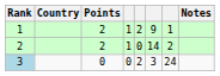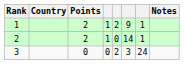 <table class="wikitable sortable" style="text-align: center;">
 <tr>
 <th>Rank</th>
 <th>Country</th>
 <th>Points</th>
 <th></th>
 <th></th>
 <th></th>
 <th></th>
 <th>Notes</th>
 </tr>
 <tr style="background:#cfc;">
 <td>1</td>
 <td align=left></td>
 <td>2</td>
 <td>1</td>
 <td>2</td>
 <td>9</td>
 <td>1</td>
 <td></td>
 </tr>
 <tr style="background:#cfc;">
 <td>2</td>
 <td align=left></td>
 <td>2</td>
 <td>1</td>
 <td>0</td>
 <td>14</td>
-<td>2</td>
+<td>1</td>
 <td></td>
 </tr>
 <tr>
-<td style="background: lightblue;">3</td>
+<td>3</td>
 <td align=left></td>
 <td>0</td>
 <td>0</td>
 <td>2</td>
 <td>3</td>
 <td>24</td>
 <td></td>
 </tr>
 </table>
